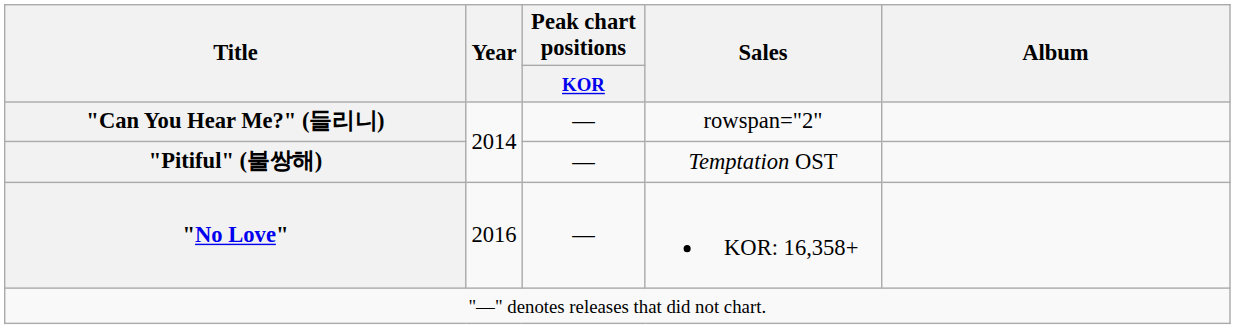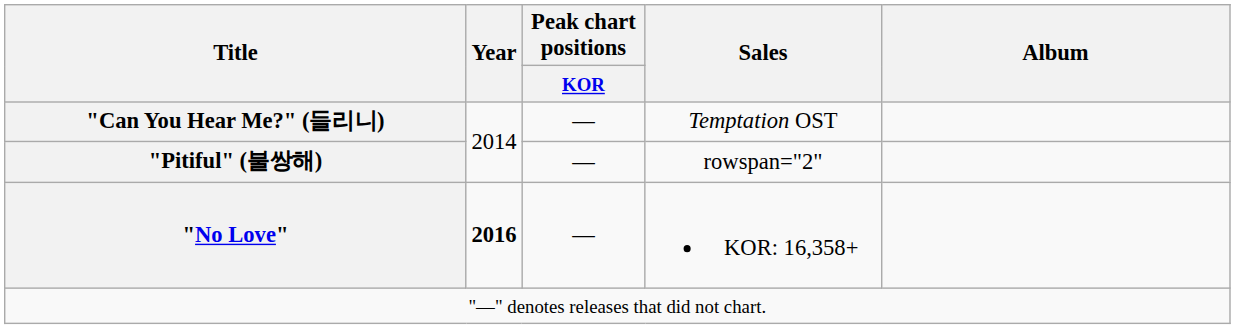 <table class="wikitable plainrowheaders" style="text-align:center;" border="1">
 <tr>
 <th scope="col" rowspan="2" style="width:20em;">Title</th>
 <th scope="col" rowspan="2">Year</th>
 <th scope="col" colspan="1" style="width:5em;">Peak chart positions</th>
 <th scope="col" rowspan="2" style="width:10em;">Sales</th>
 <th scope="col" rowspan="2" style="width:15em;">Album</th>
 </tr>
 <tr>
 <th><small><a href='#'>KOR</a></small><br></th>
 </tr>
 <tr>
 <th scope="row">"Can You Hear Me?" (들리니)</th>
 <td rowspan="2">2014</td>
 <td>—</td>
-<td>rowspan="2" </td>
+<td><em>Temptation</em> OST</td>
 <td></td>
 </tr>
 <tr>
 <th scope="row">"Pitiful" (불쌍해)</th>
 <td>—</td>
-<td><em>Temptation</em> OST</td>
+<td>rowspan="2" </td>
 </tr>
 <tr>
 <th scope="row">"<a href='#'>No Love</a>"</th>
-<td>2016</td>
+<td><strong>2016</strong></td>
 <td>—</td>
 <td><br><ul><li>KOR: 16,358+</li></ul></td>
 <td></td>
 </tr>
 <tr>
 <td colspan="5" align="center"><small>"—" denotes releases that did not chart.</small></td>
 </tr>
 </table>
